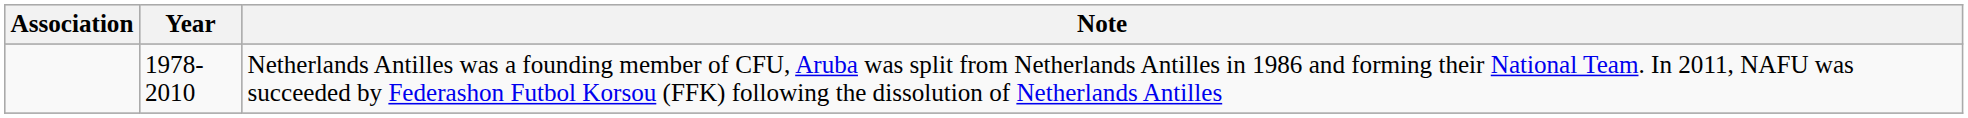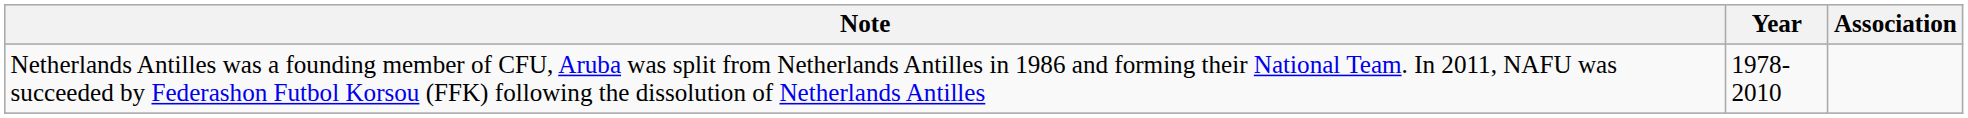 <table Class= "wikitable sortable">
 <tr>
+<th>Note</th>
+<th>Year</th>
 <th>Association</th>
-<th>Year</th>
-<th>Note</th>
 </tr>
 <tr>
+<td>Netherlands Antilles was a founding member of CFU, <a href='#'>Aruba</a> was split from Netherlands Antilles in 1986 and forming their <a href='#'>National Team</a>. In 2011, NAFU was succeeded by <a href='#'>Federashon Futbol Korsou</a> (FFK) following the dissolution of <a href='#'>Netherlands Antilles</a></td>
+<td>1978-2010</td>
 <td></td>
-<td>1978-2010</td>
-<td>Netherlands Antilles was a founding member of CFU, <a href='#'>Aruba</a> was split from Netherlands Antilles in 1986 and forming their <a href='#'>National Team</a>. In 2011, NAFU was succeeded by <a href='#'>Federashon Futbol Korsou</a> (FFK) following the dissolution of <a href='#'>Netherlands Antilles</a></td>
 </tr>
 </table>
